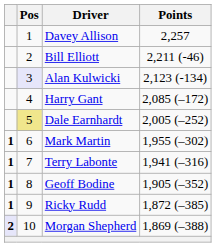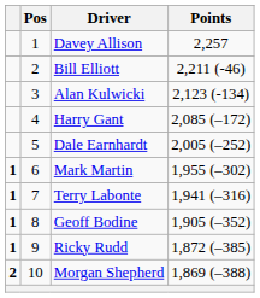 <table class="wikitable" style="font-size: 95%;">
 <tr>
 <th></th>
 <th>Pos</th>
 <th>Driver</th>
 <th>Points</th>
 </tr>
 <tr>
 <td align="left"></td>
 <td style="text-align:center;">1</td>
 <td><a href='#'>Davey Allison</a></td>
 <td style="text-align:center;">2,257</td>
 </tr>
 <tr>
 <td align="left"></td>
 <td style="text-align:center;">2</td>
 <td><a href='#'>Bill Elliott</a></td>
 <td style="text-align:center;">2,211 (-46)</td>
 </tr>
 <tr>
 <td align="left"></td>
-<td style="background: lavender; text-align:center;">3</td>
+<td style="text-align:center;">3</td>
 <td><a href='#'>Alan Kulwicki</a></td>
 <td style="text-align:center;">2,123 (-134)</td>
 </tr>
 <tr>
 <td align="left"></td>
 <td style="text-align:center;">4</td>
 <td><a href='#'>Harry Gant</a></td>
 <td style="text-align:center;">2,085 (–172)</td>
 </tr>
 <tr>
 <td align="left"></td>
-<td style="background: khaki; text-align:center;">5</td>
+<td style="text-align:center;">5</td>
 <td><a href='#'>Dale Earnhardt</a></td>
 <td style="text-align:center;">2,005 (–252)</td>
 </tr>
 <tr>
 <td align="left"> <strong>1</strong></td>
 <td style="text-align:center;">6</td>
 <td><a href='#'>Mark Martin</a></td>
 <td style="text-align:center;">1,955 (–302)</td>
 </tr>
 <tr>
 <td align="left"> <strong>1</strong></td>
 <td style="text-align:center;">7</td>
 <td><a href='#'>Terry Labonte</a></td>
 <td style="text-align:center;">1,941 (–316)</td>
 </tr>
 <tr>
 <td align="left"> <strong>1</strong></td>
 <td style="text-align:center;">8</td>
 <td><a href='#'>Geoff Bodine</a></td>
 <td style="text-align:center;">1,905 (–352)</td>
 </tr>
 <tr>
 <td align="left"> <strong>1</strong></td>
 <td style="text-align:center;">9</td>
 <td><a href='#'>Ricky Rudd</a></td>
 <td style="text-align:center;">1,872 (–385)</td>
 </tr>
 <tr>
-<td align="left" style="background: lavender;"> <strong>2</strong></td>
+<td align="left"> <strong>2</strong></td>
 <td style="text-align:center;">10</td>
 <td><a href='#'>Morgan Shepherd</a></td>
 <td style="text-align:center;">1,869 (–388)</td>
 </tr>
 <tr class="sortbottom">
 <th colspan="9"></th>
 </tr>
 </table>
